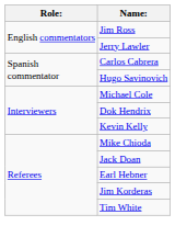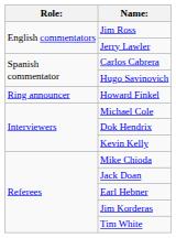 <table class=wikitable style="font-size:90%; margin: 0.5em 0 0.5em 1em; float: right; clear: right;">
 <tr>
 <th>Role:</th>
 <th>Name:</th>
 </tr>
 <tr>
 <td rowspan=2>English <a href='#'>commentators</a></td>
 <td><a href='#'>Jim Ross</a></td>
 </tr>
 <tr>
 <td><a href='#'>Jerry Lawler</a></td>
 </tr>
 <tr>
 <td rowspan=2>Spanish<br>commentator</td>
 <td><a href='#'>Carlos Cabrera</a></td>
 </tr>
 <tr>
 <td><a href='#'>Hugo Savinovich</a></td>
+</tr>
+<tr>
+<td><a href='#'>Ring announcer</a></td>
+<td><a href='#'>Howard Finkel</a></td>
 </tr>
 <tr>
 <td rowspan="3"><a href='#'>Interviewers</a></td>
 <td><a href='#'>Michael Cole</a></td>
 </tr>
 <tr>
 <td><a href='#'>Dok Hendrix</a></td>
 </tr>
 <tr>
 <td><a href='#'>Kevin Kelly</a></td>
 </tr>
 <tr>
 <td rowspan=5><a href='#'>Referees</a></td>
 <td><a href='#'>Mike Chioda</a></td>
 </tr>
 <tr>
 <td><a href='#'>Jack Doan</a></td>
 </tr>
 <tr>
 <td><a href='#'>Earl Hebner</a></td>
 </tr>
 <tr>
 <td><a href='#'>Jim Korderas</a></td>
 </tr>
 <tr>
 <td><a href='#'>Tim White</a></td>
 </tr>
 </table>
